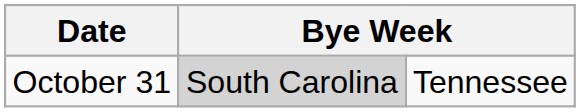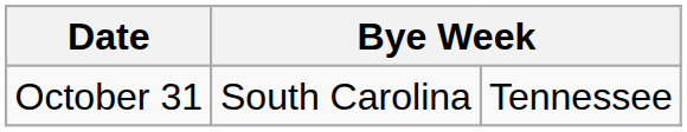 <table class="wikitable" style="font-size:95%;">
 <tr>
 <th>Date</th>
 <th colspan="4">Bye Week</th>
 </tr>
 <tr>
 <td>October 31</td>
-<td style="background: lightgrey;">South Carolina</td>
+<td>South Carolina</td>
 <td>Tennessee</td>
 </tr>
 </table>
